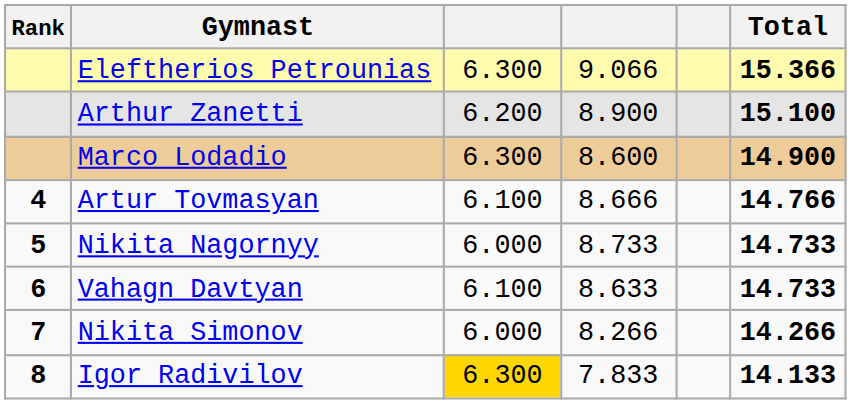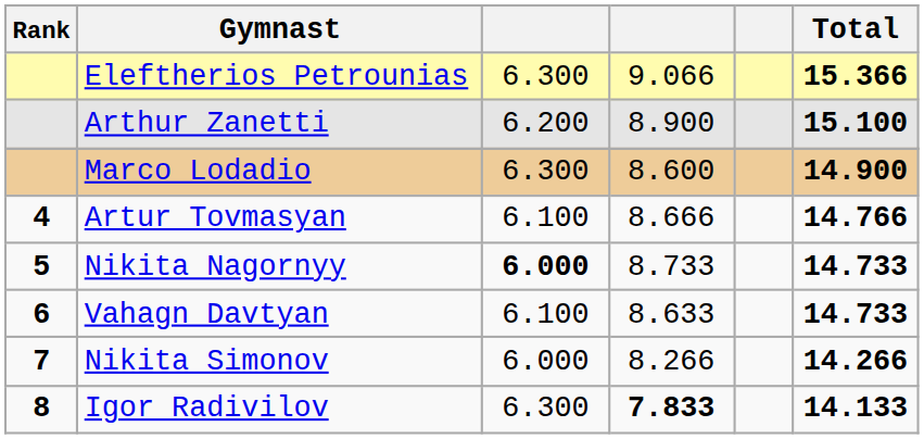 <table style="text-align:center;" class="wikitable sortable">
 <tr>
 <th scope="col" style="width:15px;"><small>Rank</small></th>
 <th scope="col" style="width:175px;">Gymnast</th>
 <th scope="col" style="width:50px;"><small></small></th>
 <th scope="col" style="width:50px;"><small></small></th>
 <th scope="col" style="width:20px;"><small></small></th>
 <th scope="col" style="width:50px;">Total</th>
 </tr>
 <tr style="background:#fffcaf;">
 <td scope="row" style="text-align:center"><strong></strong></td>
 <td style="text-align:left;"> <a href='#'>Eleftherios Petrounias</a></td>
 <td>6.300</td>
 <td>9.066</td>
 <td></td>
 <td><strong>15.366</strong></td>
 </tr>
 <tr style="background:#e5e5e5;">
 <td scope="row" style="text-align:center"><strong></strong></td>
 <td style="text-align:left;"> <a href='#'>Arthur Zanetti</a></td>
 <td>6.200</td>
 <td>8.900</td>
 <td></td>
 <td><strong>15.100</strong></td>
 </tr>
 <tr>
 </tr>
 <tr style="background:#ec9;">
 <td scope="row" style="text-align:center"><strong></strong></td>
 <td style="text-align:left;"> <a href='#'>Marco Lodadio</a></td>
 <td>6.300</td>
 <td>8.600</td>
 <td></td>
 <td><strong>14.900</strong></td>
 </tr>
 <tr>
 <td scope="row" style="text-align:center"><strong>4</strong></td>
 <td style="text-align:left;"> <a href='#'>Artur Tovmasyan</a></td>
 <td>6.100</td>
 <td>8.666</td>
 <td></td>
 <td><strong>14.766</strong></td>
 </tr>
 <tr>
 <td scope="row" style="text-align:center"><strong>5</strong></td>
 <td style="text-align:left;"> <a href='#'>Nikita Nagornyy</a></td>
-<td>6.000</td>
+<td><strong>6.000</strong></td>
 <td>8.733</td>
 <td></td>
 <td><strong>14.733</strong></td>
 </tr>
 <tr>
 <td scope="row" style="text-align:center"><strong>6</strong></td>
 <td style="text-align:left;"> <a href='#'>Vahagn Davtyan</a></td>
 <td>6.100</td>
 <td>8.633</td>
 <td></td>
 <td><strong>14.733</strong></td>
 </tr>
 <tr>
 <td scope="row" style="text-align:center"><strong>7</strong></td>
 <td style="text-align:left;"> <a href='#'>Nikita Simonov</a></td>
 <td>6.000</td>
 <td>8.266</td>
 <td></td>
 <td><strong>14.266</strong></td>
 </tr>
 <tr>
 <td scope="row" style="text-align:center"><strong>8</strong></td>
 <td style="text-align:left;"> <a href='#'>Igor Radivilov</a></td>
-<td style="background: gold;">6.300</td>
-<td>7.833</td>
+<td>6.300</td>
+<td><strong>7.833</strong></td>
 <td></td>
 <td><strong>14.133</strong></td>
 </tr>
 </table>
